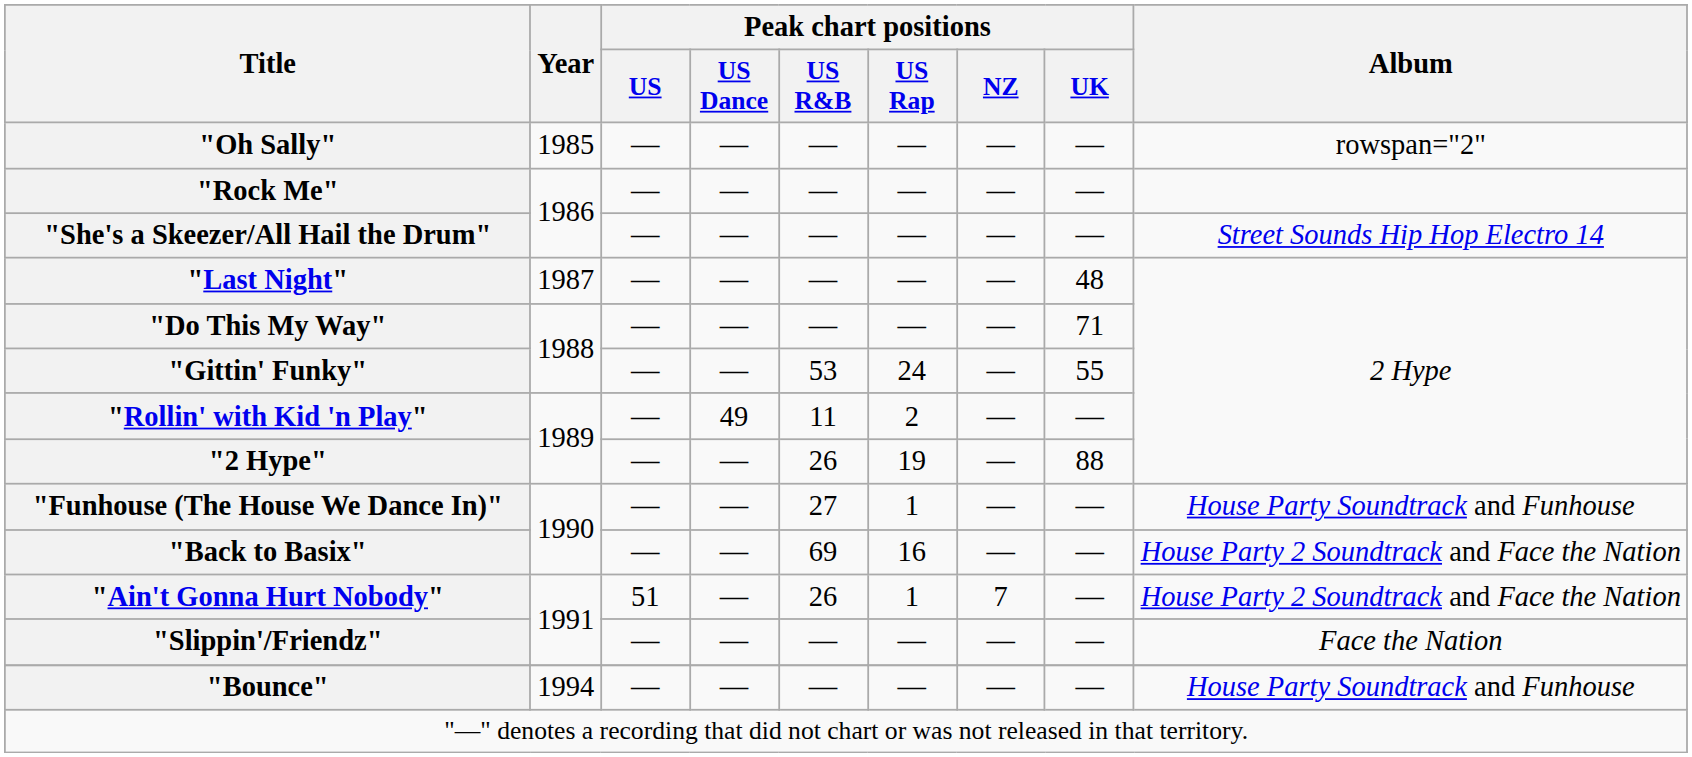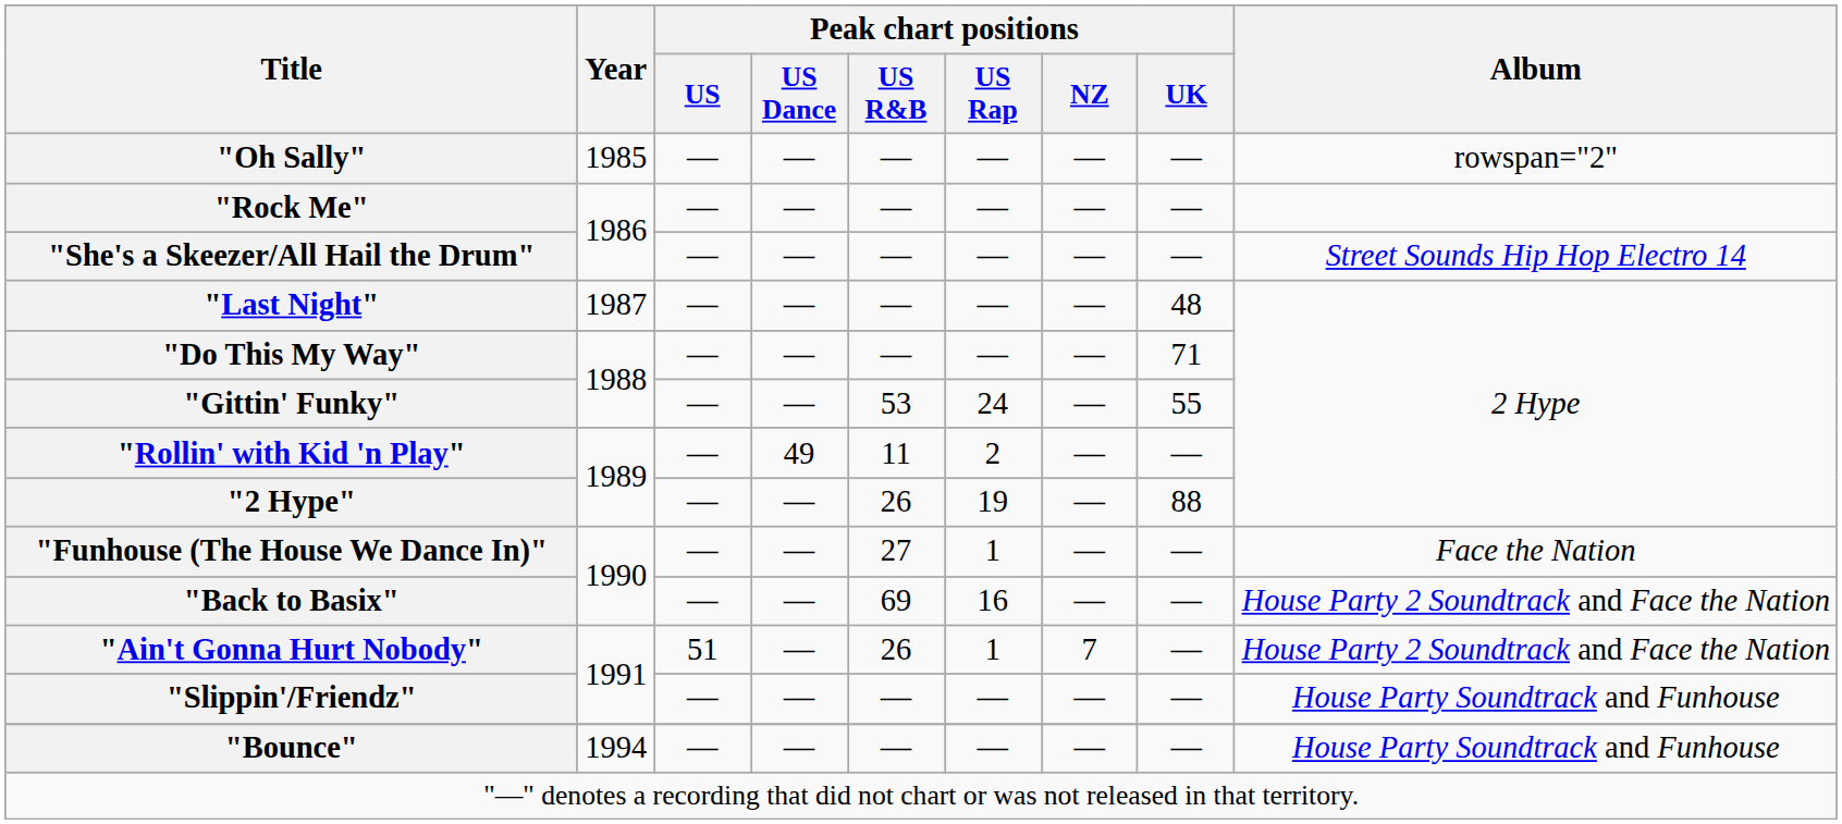 <table class="wikitable plainrowheaders" style="text-align:center;" border="1">
 <tr>
 <th scope="col" rowspan="2" style="width:18em;">Title</th>
 <th scope="col" rowspan="2">Year</th>
 <th scope="col" colspan="6">Peak chart positions</th>
 <th scope="col" rowspan="2">Album</th>
 </tr>
 <tr>
 <th scope="col" style="width:3em;font-size:90%;"><a href='#'>US</a><br></th>
 <th scope="col" style="width:3em;font-size:90%;"><a href='#'>US Dance</a><br></th>
 <th scope="col" style="width:3em;font-size:90%;"><a href='#'>US R&B</a><br></th>
 <th scope="col" style="width:3em;font-size:90%;"><a href='#'>US Rap</a><br></th>
 <th scope="col" style="width:3em;font-size:90%;"><a href='#'>NZ</a><br></th>
 <th scope="col" style="width:3em;font-size:90%;"><a href='#'>UK</a><br></th>
 </tr>
 <tr>
 <th scope="row">"Oh Sally"</th>
 <td>1985</td>
 <td align="center">—</td>
 <td align="center">—</td>
 <td align="center">—</td>
 <td align="center">—</td>
 <td align="center">—</td>
 <td align="center">—</td>
 <td>rowspan="2" </td>
 </tr>
 <tr>
 <th scope="row">"Rock Me"</th>
 <td rowspan="2">1986</td>
 <td align="center">—</td>
 <td align="center">—</td>
 <td align="center">—</td>
 <td align="center">—</td>
 <td align="center">—</td>
 <td align="center">—</td>
 </tr>
 <tr>
 <th scope="row">"She's a Skeezer/All Hail the Drum"</th>
 <td align="center">—</td>
 <td align="center">—</td>
 <td align="center">—</td>
 <td align="center">—</td>
 <td align="center">—</td>
 <td align="center">—</td>
 <td><em><a href='#'>Street Sounds Hip Hop Electro 14</a></em></td>
 </tr>
 <tr>
 <th scope="row">"<a href='#'>Last Night</a>"</th>
 <td>1987</td>
 <td align="center">—</td>
 <td align="center">—</td>
 <td align="center">—</td>
 <td align="center">—</td>
 <td align="center">—</td>
 <td align="center">48</td>
 <td rowspan="5"><em>2 Hype</em></td>
 </tr>
 <tr>
 <th scope="row">"Do This My Way"</th>
 <td rowspan="2">1988</td>
 <td align="center">—</td>
 <td align="center">—</td>
 <td align="center">—</td>
 <td align="center">—</td>
 <td align="center">—</td>
 <td align="center">71</td>
 </tr>
 <tr>
 <th scope="row">"Gittin' Funky"</th>
 <td align="center">—</td>
 <td align="center">—</td>
 <td align="center">53</td>
 <td align="center">24</td>
 <td align="center">—</td>
 <td align="center">55</td>
 </tr>
 <tr>
 <th scope="row">"<a href='#'>Rollin' with Kid 'n Play</a>"</th>
 <td rowspan="2">1989</td>
 <td align="center">—</td>
 <td align="center">49</td>
 <td align="center">11</td>
 <td align="center">2</td>
 <td align="center">—</td>
 <td align="center">—</td>
 </tr>
 <tr>
 <th scope="row">"2 Hype"</th>
 <td align="center">—</td>
 <td align="center">—</td>
 <td align="center">26</td>
 <td align="center">19</td>
 <td align="center">—</td>
 <td align="center">88</td>
 </tr>
 <tr>
 <th scope="row">"Funhouse (The House We Dance In)"</th>
 <td rowspan="2">1990</td>
 <td align="center">—</td>
 <td align="center">—</td>
 <td align="center">27</td>
 <td align="center">1</td>
 <td align="center">—</td>
 <td align="center">—</td>
-<td><em><a href='#'>House Party Soundtrack</a></em> and <em>Funhouse</em></td>
+<td><em>Face the Nation</em></td>
 </tr>
 <tr>
 <th scope="row">"Back to Basix"</th>
 <td align="center">—</td>
 <td align="center">—</td>
 <td align="center">69</td>
 <td align="center">16</td>
 <td align="center">—</td>
 <td align="center">—</td>
 <td><em><a href='#'>House Party 2 Soundtrack</a></em> and <em>Face the Nation</em></td>
 </tr>
 <tr>
 <th scope="row">"<a href='#'>Ain't Gonna Hurt Nobody</a>"</th>
 <td rowspan="2">1991</td>
 <td align="center">51</td>
 <td align="center">—</td>
 <td align="center">26</td>
 <td align="center">1</td>
 <td align="center">7</td>
 <td align="center">—</td>
 <td><em><a href='#'>House Party 2 Soundtrack</a></em> and <em>Face the Nation</em></td>
 </tr>
 <tr>
 <th scope="row">"Slippin'/Friendz"</th>
 <td align="center">—</td>
 <td align="center">—</td>
 <td align="center">—</td>
 <td align="center">—</td>
 <td align="center">—</td>
 <td align="center">—</td>
-<td><em>Face the Nation</em></td>
+<td><em><a href='#'>House Party Soundtrack</a></em> and <em>Funhouse</em></td>
 </tr>
 <tr>
 </tr>
 <tr>
 <th scope="row">"Bounce"</th>
 <td>1994</td>
 <td align="center">—</td>
 <td align="center">—</td>
 <td align="center">—</td>
 <td align="center">—</td>
 <td align="center">—</td>
 <td align="center">—</td>
 <td><em><a href='#'>House Party Soundtrack</a></em> and <em>Funhouse</em></td>
 </tr>
 <tr>
 <td colspan="15" style="font-size:90%">"—" denotes a recording that did not chart or was not released in that territory.</td>
 </tr>
 </table>
